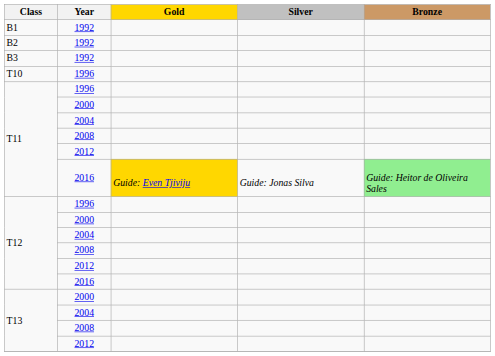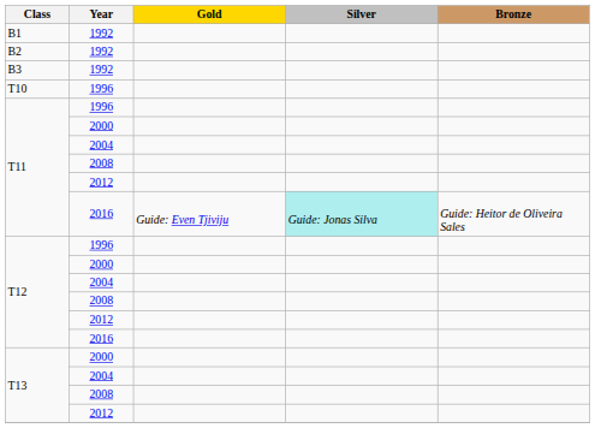 <table class="wikitable">
 <tr>
 <th width=80>Class</th>
 <th width=80>Year</th>
 <td align=center width=200 bgcolor=gold><strong>Gold</strong></td>
 <td align=center width=200 bgcolor=silver><strong>Silver</strong></td>
 <td align=center width=200 bgcolor=cc9966><strong>Bronze</strong></td>
 </tr>
 <tr>
 <td>B1</td>
 <td align=center><a href='#'>1992</a></td>
 <td></td>
 <td></td>
 <td></td>
 </tr>
 <tr>
 <td>B2</td>
 <td align=center><a href='#'>1992</a></td>
 <td></td>
 <td></td>
 <td></td>
 </tr>
 <tr>
 <td>B3</td>
 <td align=center><a href='#'>1992</a></td>
 <td></td>
 <td></td>
 <td></td>
 </tr>
 <tr>
 <td>T10</td>
 <td align=center><a href='#'>1996</a></td>
 <td></td>
 <td></td>
 <td></td>
 </tr>
 <tr>
 <td rowspan=6>T11</td>
 <td align=center><a href='#'>1996</a></td>
 <td></td>
 <td></td>
 <td></td>
 </tr>
 <tr>
 <td align=center><a href='#'>2000</a></td>
 <td></td>
 <td></td>
 <td></td>
 </tr>
 <tr>
 <td align=center><a href='#'>2004</a></td>
 <td></td>
 <td></td>
 <td></td>
 </tr>
 <tr>
 <td align=center><a href='#'>2008</a></td>
 <td></td>
 <td></td>
 <td></td>
 </tr>
 <tr>
 <td align=center><a href='#'>2012</a></td>
 <td></td>
 <td></td>
 <td></td>
 </tr>
 <tr>
 <td align=center><a href='#'>2016</a></td>
-<td style="background: gold;"><br> <em>Guide: <a href='#'>Even Tjiviju</a></em></td>
-<td><br> <em>Guide: Jonas Silva</em></td>
-<td style="background: lightgreen;"><br> <em>Guide: Heitor de Oliveira Sales</em></td>
+<td><br> <em>Guide: <a href='#'>Even Tjiviju</a></em></td>
+<td style="background: paleturquoise;"><br> <em>Guide: Jonas Silva</em></td>
+<td><br> <em>Guide: Heitor de Oliveira Sales</em></td>
 </tr>
 <tr>
 <td rowspan=6>T12</td>
 <td align=center><a href='#'>1996</a></td>
 <td></td>
 <td></td>
 <td></td>
 </tr>
 <tr>
 <td align=center><a href='#'>2000</a></td>
 <td></td>
 <td></td>
 <td></td>
 </tr>
 <tr>
 <td align=center><a href='#'>2004</a></td>
 <td></td>
 <td></td>
 <td></td>
 </tr>
 <tr>
 <td align=center><a href='#'>2008</a></td>
 <td></td>
 <td></td>
 <td></td>
 </tr>
 <tr>
 <td align=center><a href='#'>2012</a></td>
 <td></td>
 <td></td>
 <td></td>
 </tr>
 <tr>
 <td align=center><a href='#'>2016</a></td>
 <td></td>
 <td></td>
 <td></td>
 </tr>
 <tr>
 <td rowspan=4>T13</td>
 <td align=center><a href='#'>2000</a></td>
 <td></td>
 <td></td>
 <td></td>
 </tr>
 <tr>
 <td align=center><a href='#'>2004</a></td>
 <td></td>
 <td></td>
 <td></td>
 </tr>
 <tr>
 <td align=center><a href='#'>2008</a></td>
 <td></td>
 <td></td>
 <td></td>
 </tr>
 <tr>
 <td align=center><a href='#'>2012</a></td>
 <td></td>
 <td></td>
 <td></td>
 </tr>
 <tr>
 </tr>
 </table>
